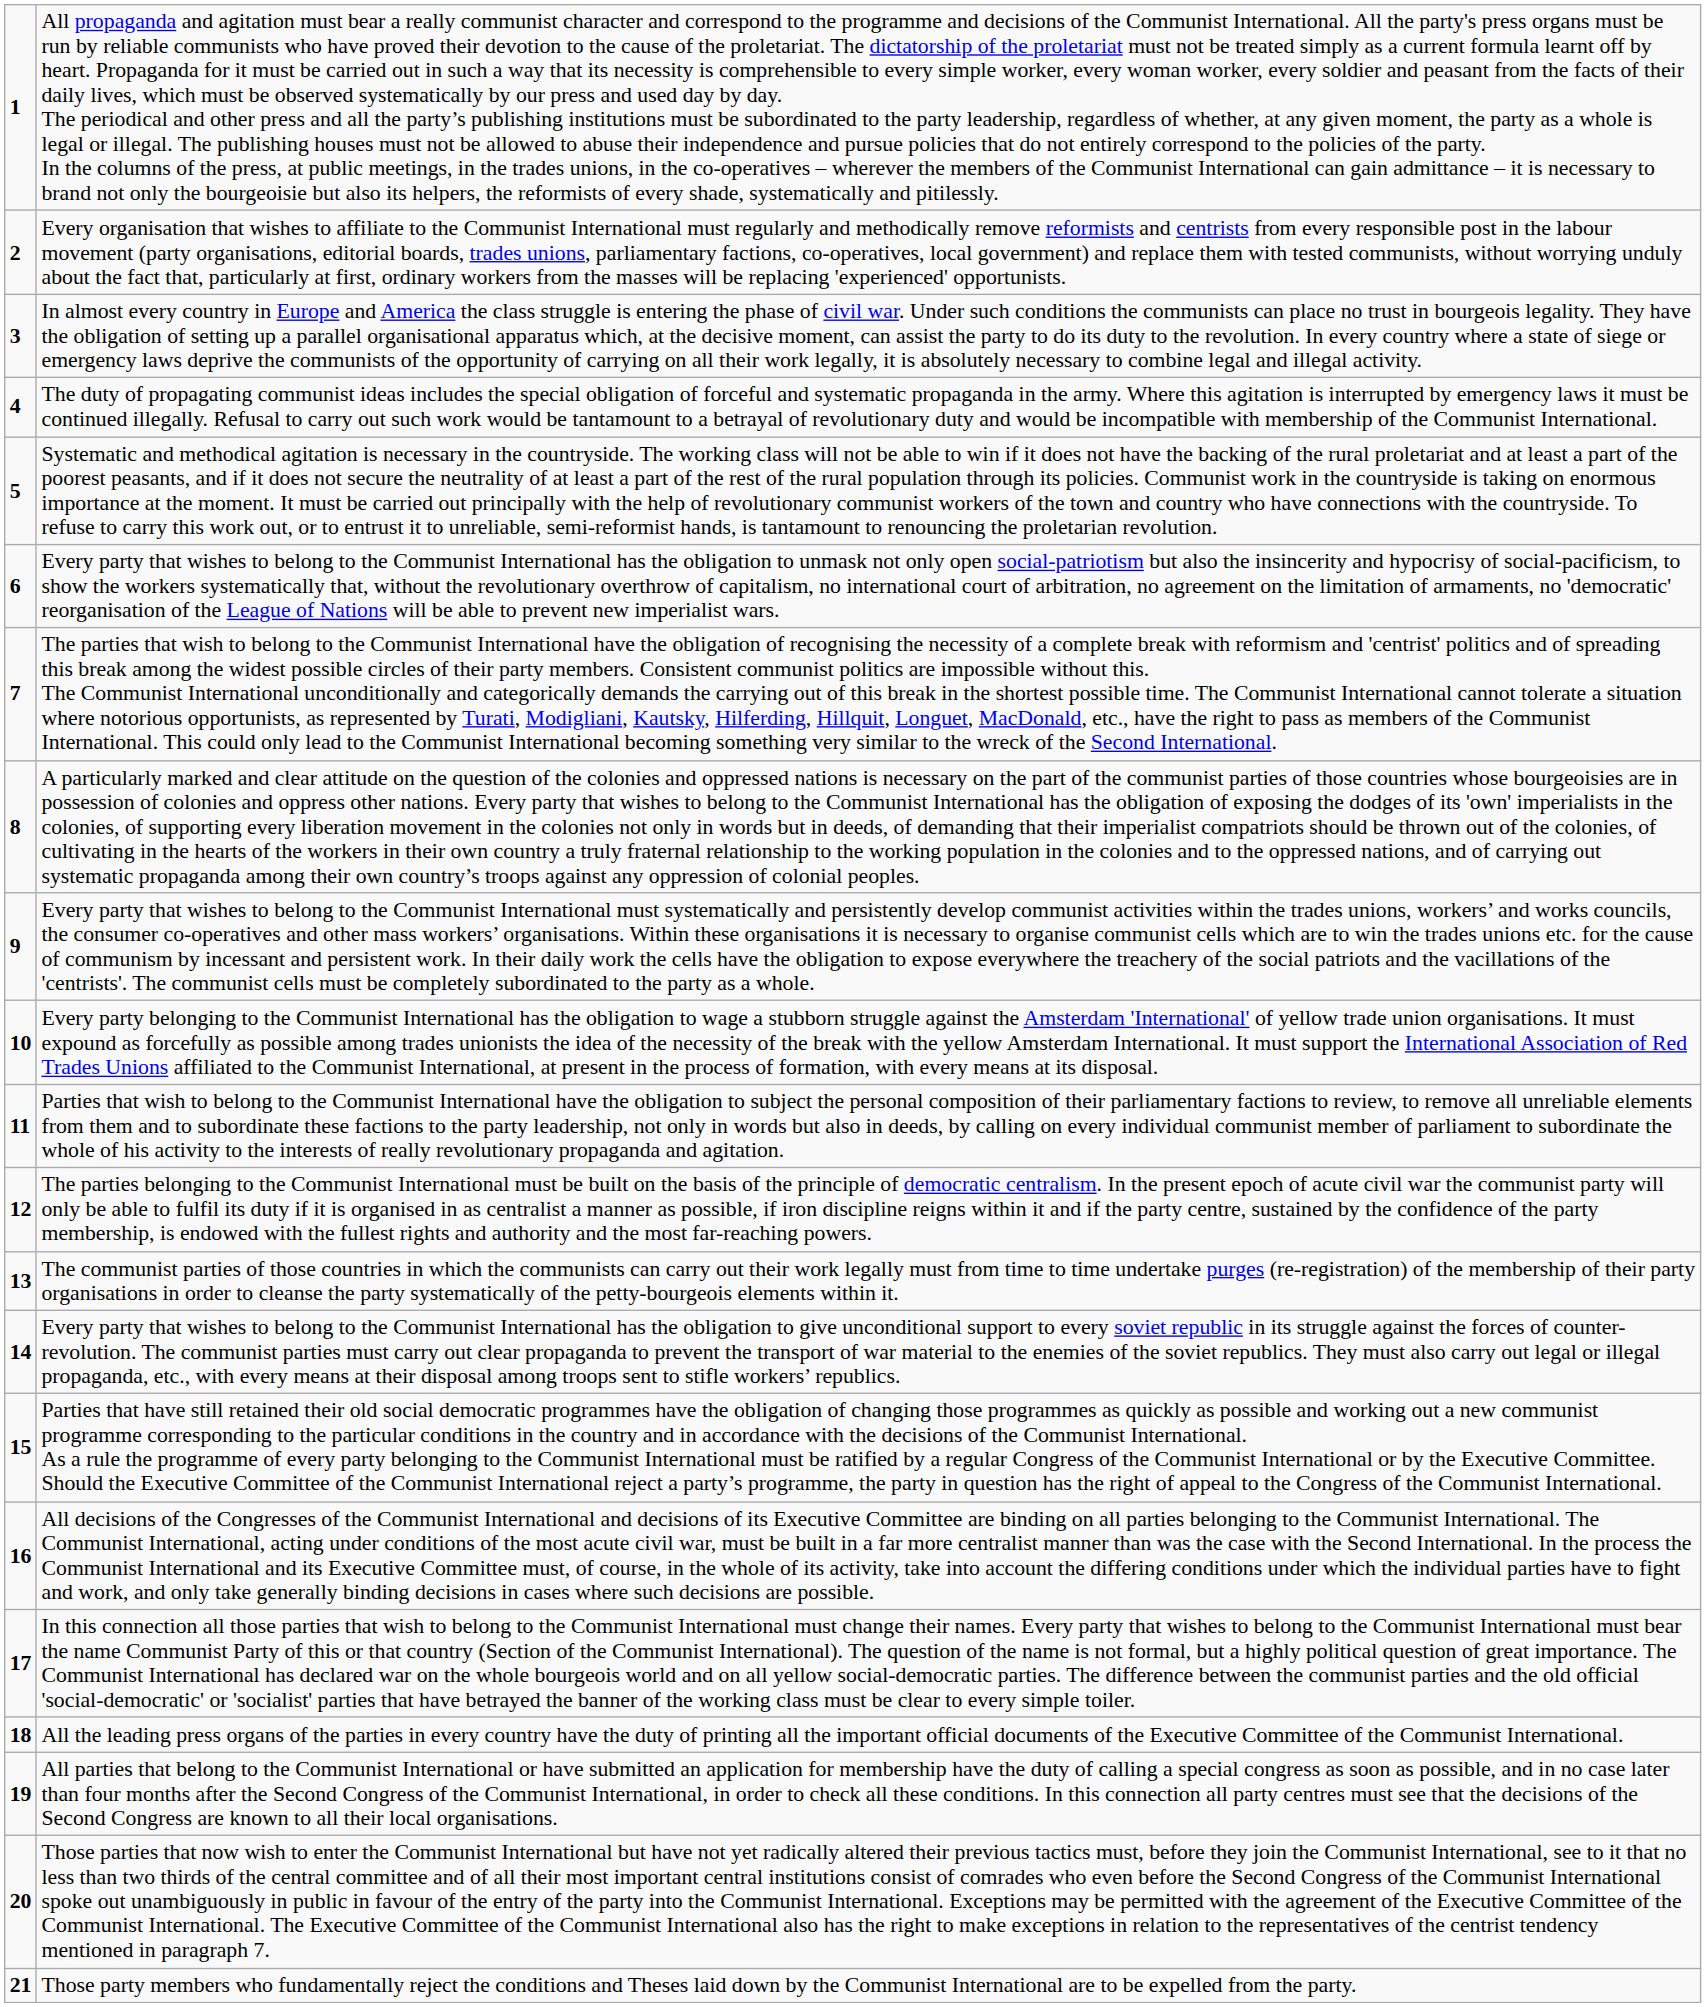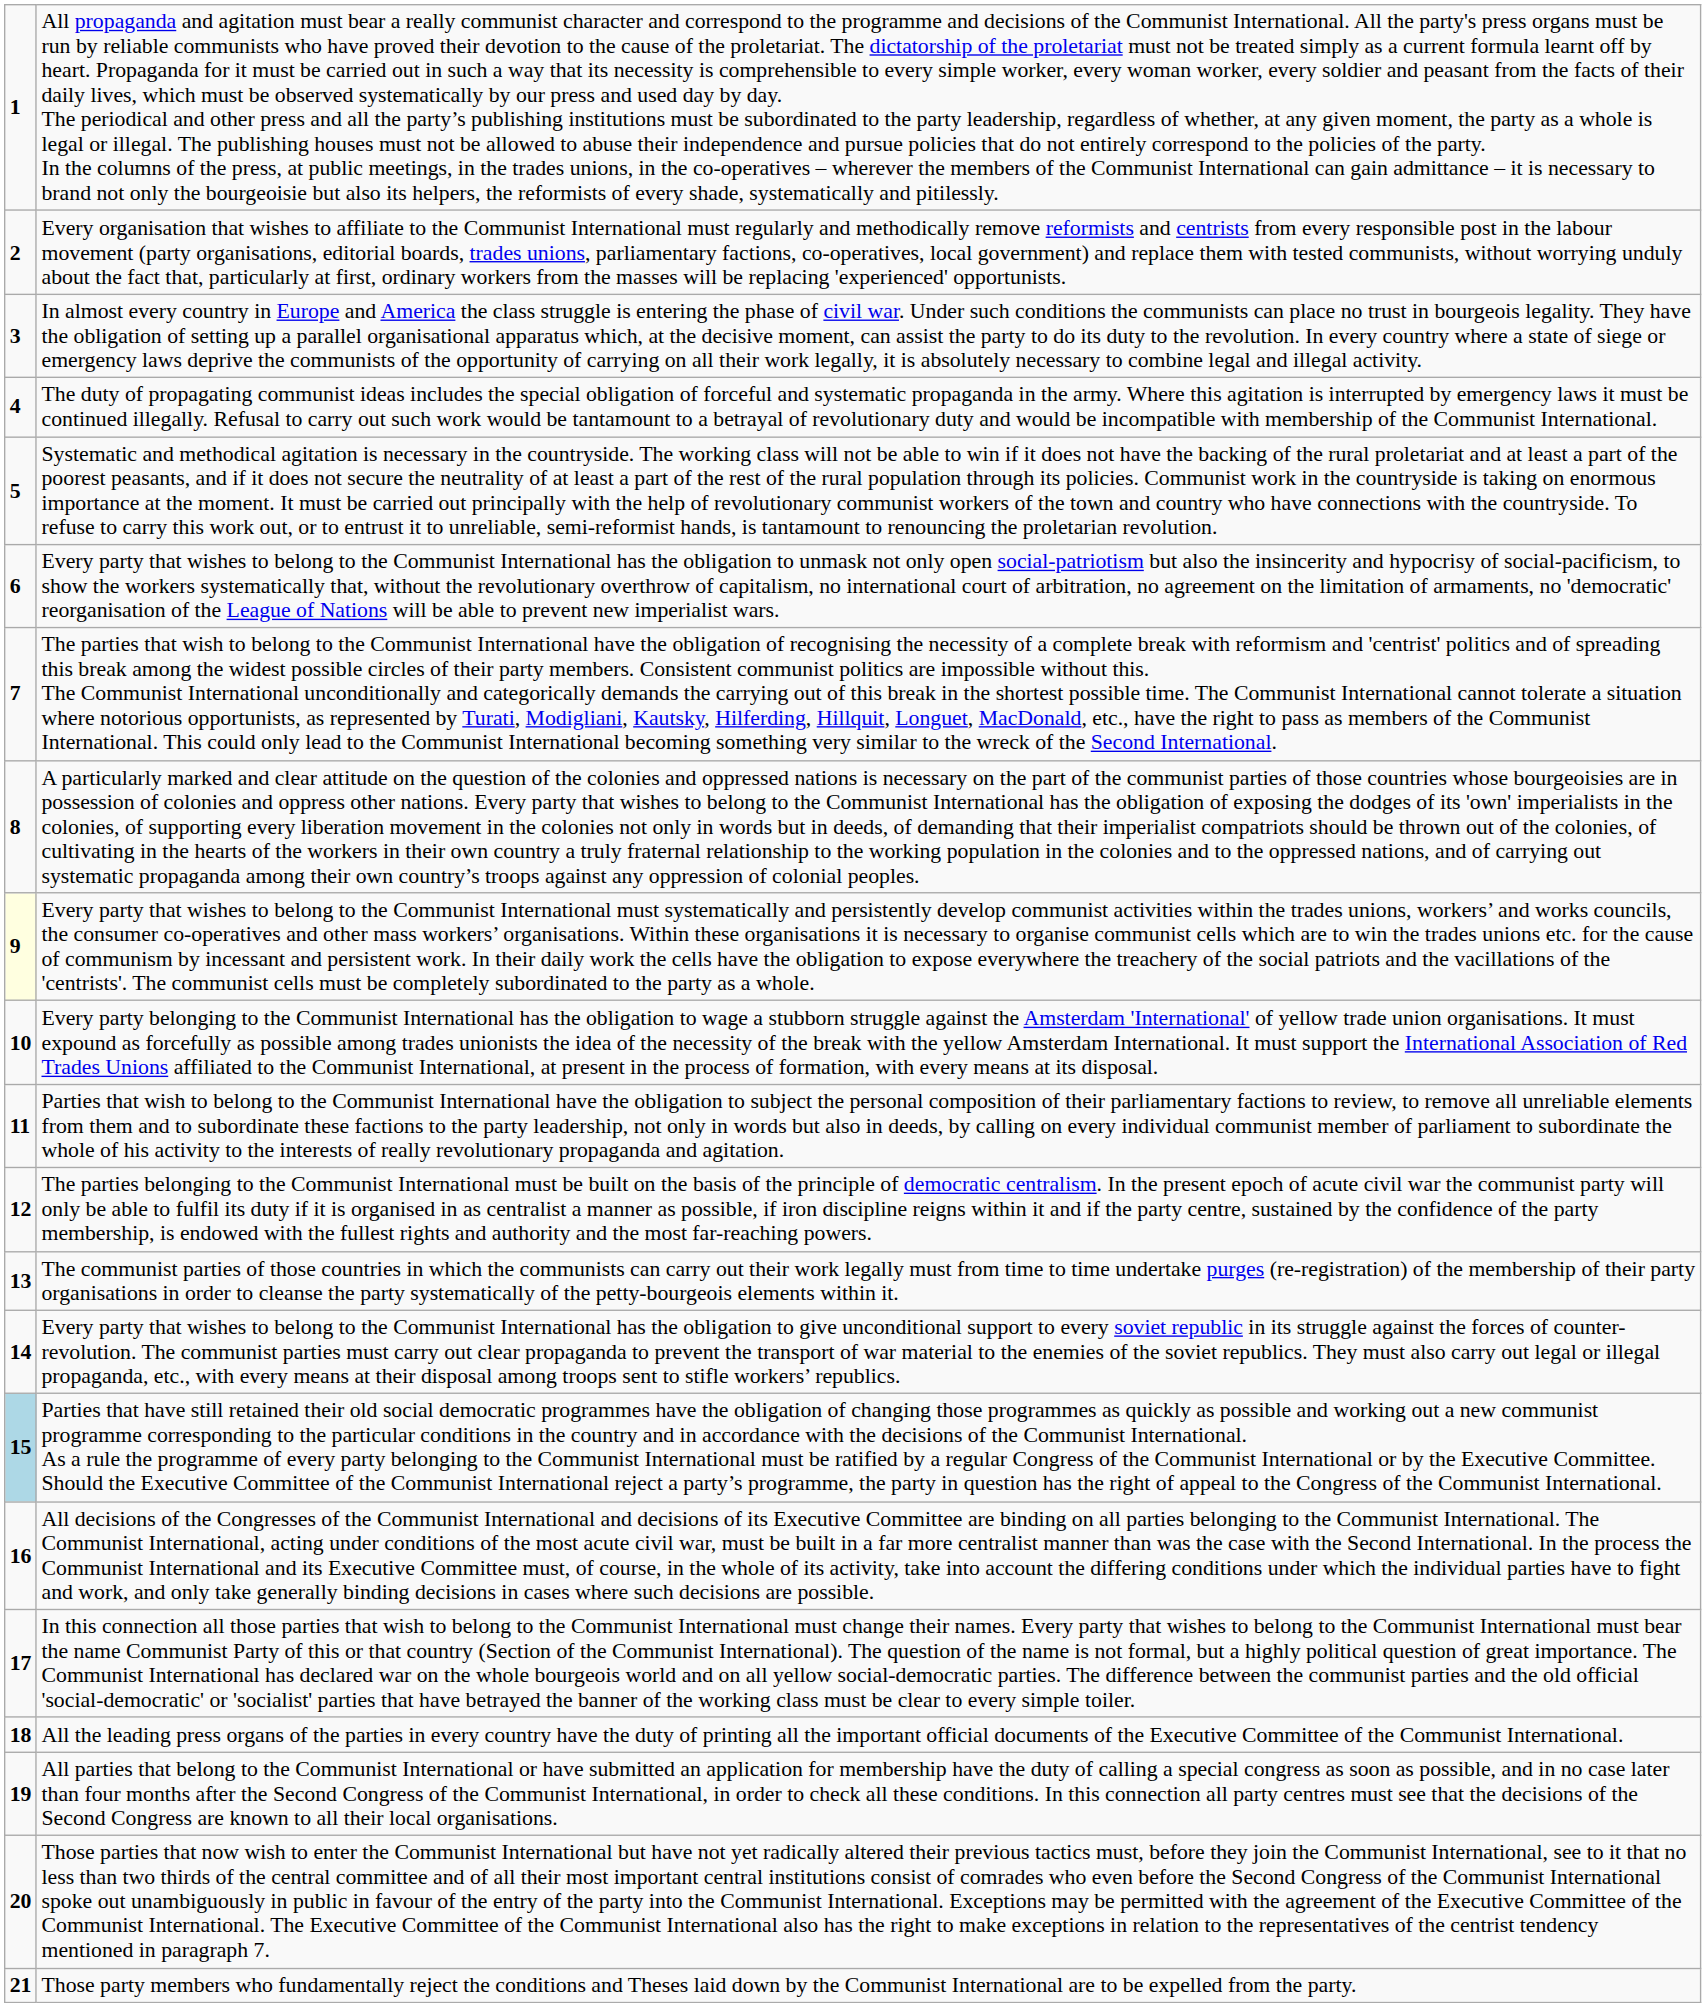 <table class="wikitable">
 <tr>
 <td><strong> 1</strong></td>
 <td>All <a href='#'>propaganda</a> and agitation must bear a really communist character and correspond to the programme and decisions of the Communist International. All the party's press organs must be run by reliable communists who have proved their devotion to the cause of the proletariat. The <a href='#'>dictatorship of the proletariat</a> must not be treated simply as a current formula learnt off by heart. Propaganda for it must be carried out in such a way that its necessity is comprehensible to every simple worker, every woman worker, every soldier and peasant from the facts of their daily lives, which must be observed systematically by our press and used day by day.<br>The periodical and other press and all the party’s publishing institutions must be subordinated to the party leadership, regardless of whether, at any given moment, the party as a whole is legal or illegal. The publishing houses must not be allowed to abuse their independence and pursue policies that do not entirely correspond to the policies of the party.<br>In the columns of the press, at public meetings, in the trades unions, in the co-operatives – wherever the members of the Communist International can gain admittance – it is necessary to brand not only the bourgeoisie but also its helpers, the reformists of every shade, systematically and pitilessly.</td>
 </tr>
 <tr>
 <td><strong> 2</strong></td>
 <td>Every organisation that wishes to affiliate to the Communist International must regularly and methodically remove <a href='#'>reformists</a> and <a href='#'>centrists</a> from every responsible post in the labour movement (party organisations, editorial boards, <a href='#'>trades unions</a>, parliamentary factions, co-operatives, local government) and replace them with tested communists, without worrying unduly about the fact that, particularly at first, ordinary workers from the masses will be replacing 'experienced' opportunists.</td>
 </tr>
 <tr>
 <td><strong> 3</strong></td>
 <td>In almost every country in <a href='#'>Europe</a> and <a href='#'>America</a> the class struggle is entering the phase of <a href='#'>civil war</a>. Under such conditions the communists can place no trust in bourgeois legality. They have the obligation of setting up a parallel organisational apparatus which, at the decisive moment, can assist the party to do its duty to the revolution. In every country where a state of siege or emergency laws deprive the communists of the opportunity of carrying on all their work legally, it is absolutely necessary to combine legal and illegal activity.</td>
 </tr>
 <tr>
 <td><strong> 4</strong></td>
 <td>The duty of propagating communist ideas includes the special obligation of forceful and systematic propaganda in the army. Where this agitation is interrupted by emergency laws it must be continued illegally. Refusal to carry out such work would be tantamount to a betrayal of revolutionary duty and would be incompatible with membership of the Communist International.</td>
 </tr>
 <tr>
 <td><strong> 5</strong></td>
 <td>Systematic and methodical agitation is necessary in the countryside. The working class will not be able to win if it does not have the backing of the rural proletariat and at least a part of the poorest peasants, and if it does not secure the neutrality of at least a part of the rest of the rural population through its policies. Communist work in the countryside is taking on enormous importance at the moment. It must be carried out principally with the help of revolutionary communist workers of the town and country who have connections with the countryside. To refuse to carry this work out, or to entrust it to unreliable, semi-reformist hands, is tantamount to renouncing the proletarian revolution.</td>
 </tr>
 <tr>
 <td><strong> 6</strong></td>
 <td>Every party that wishes to belong to the Communist International has the obligation to unmask not only open <a href='#'>social-patriotism</a> but also the insincerity and hypocrisy of social-pacificism, to show the workers systematically that, without the revolutionary overthrow of capitalism, no international court of arbitration, no agreement on the limitation of armaments, no 'democratic' reorganisation of the <a href='#'>League of Nations</a> will be able to prevent new imperialist wars.</td>
 </tr>
 <tr>
 <td><strong> 7</strong></td>
 <td>The parties that wish to belong to the Communist International have the obligation of recognising the necessity of a complete break with reformism and 'centrist' politics and of spreading this break among the widest possible circles of their party members. Consistent communist politics are impossible without this.<br>The Communist International unconditionally and categorically demands the carrying out of this break in the shortest possible time. The Communist International cannot tolerate a situation where notorious opportunists, as represented by <a href='#'>Turati</a>, <a href='#'>Modigliani</a>, <a href='#'>Kautsky</a>, <a href='#'>Hilferding</a>, <a href='#'>Hillquit</a>, <a href='#'>Longuet</a>, <a href='#'>MacDonald</a>, etc., have the right to pass as members of the Communist International. This could only lead to the Communist International becoming something very similar to the wreck of the <a href='#'>Second International</a>.</td>
 </tr>
 <tr>
 <td><strong> 8</strong></td>
 <td>A particularly marked and clear attitude on the question of the colonies and oppressed nations is necessary on the part of the communist parties of those countries whose bourgeoisies are in possession of colonies and oppress other nations. Every party that wishes to belong to the Communist International has the obligation of exposing the dodges of its 'own' imperialists in the colonies, of supporting every liberation movement in the colonies not only in words but in deeds, of demanding that their imperialist compatriots should be thrown out of the colonies, of cultivating in the hearts of the workers in their own country a truly fraternal relationship to the working population in the colonies and to the oppressed nations, and of carrying out systematic propaganda among their own country’s troops against any oppression of colonial peoples.</td>
 </tr>
 <tr>
-<td><strong> 9</strong></td>
+<td style="background: lightyellow;"><strong> 9</strong></td>
 <td>Every party that wishes to belong to the Communist International must systematically and persistently develop communist activities within the trades unions, workers’ and works councils, the consumer co-operatives and other mass workers’ organisations. Within these organisations it is necessary to organise communist cells which are to win the trades unions etc. for the cause of communism by incessant and persistent work. In their daily work the cells have the obligation to expose everywhere the treachery of the social patriots and the vacillations of the 'centrists'. The communist cells must be completely subordinated to the party as a whole.</td>
 </tr>
 <tr>
 <td><strong>10</strong></td>
 <td>Every party belonging to the Communist International has the obligation to wage a stubborn struggle against the <a href='#'>Amsterdam 'International'</a> of yellow trade union organisations. It must expound as forcefully as possible among trades unionists the idea of the necessity of the break with the yellow Amsterdam International. It must support the <a href='#'>International Association of Red Trades Unions</a> affiliated to the Communist International, at present in the process of formation, with every means at its disposal.</td>
 </tr>
 <tr>
 <td><strong>11</strong></td>
 <td>Parties that wish to belong to the Communist International have the obligation to subject the personal composition of their parliamentary factions to review, to remove all unreliable elements from them and to subordinate these factions to the party leadership, not only in words but also in deeds, by calling on every individual communist member of parliament to subordinate the whole of his activity to the interests of really revolutionary propaganda and agitation.</td>
 </tr>
 <tr>
 <td><strong>12</strong></td>
 <td>The parties belonging to the Communist International must be built on the basis of the principle of <a href='#'>democratic centralism</a>. In the present epoch of acute civil war the communist party will only be able to fulfil its duty if it is organised in as centralist a manner as possible, if iron discipline reigns within it and if the party centre, sustained by the confidence of the party membership, is endowed with the fullest rights and authority and the most far-reaching powers.</td>
 </tr>
 <tr>
 <td><strong>13</strong></td>
 <td>The communist parties of those countries in which the communists can carry out their work legally must from time to time undertake <a href='#'>purges</a> (re-registration) of the membership of their party organisations in order to cleanse the party systematically of the petty-bourgeois elements within it.</td>
 </tr>
 <tr>
 <td><strong>14</strong></td>
 <td>Every party that wishes to belong to the Communist International has the obligation to give unconditional support to every <a href='#'>soviet republic</a> in its struggle against the forces of counter-revolution. The communist parties must carry out clear propaganda to prevent the transport of war material to the enemies of the soviet republics. They must also carry out legal or illegal propaganda, etc., with every means at their disposal among troops sent to stifle workers’ republics.</td>
 </tr>
 <tr>
-<td><strong>15</strong></td>
+<td style="background: lightblue;"><strong>15</strong></td>
 <td>Parties that have still retained their old social democratic programmes have the obligation of changing those programmes as quickly as possible and working out a new communist programme corresponding to the particular conditions in the country and in accordance with the decisions of the Communist International.<br>As a rule the programme of every party belonging to the Communist International must be ratified by a regular Congress of the Communist International or by the Executive Committee. Should the Executive Committee of the Communist International reject a party’s programme, the party in question has the right of appeal to the Congress of the Communist International.</td>
 </tr>
 <tr>
 <td><strong>16</strong></td>
 <td>All decisions of the Congresses of the Communist International and decisions of its Executive Committee are binding on all parties belonging to the Communist International. The Communist International, acting under conditions of the most acute civil war, must be built in a far more centralist manner than was the case with the Second International. In the process the Communist International and its Executive Committee must, of course, in the whole of its activity, take into account the differing conditions under which the individual parties have to fight and work, and only take generally binding decisions in cases where such decisions are possible.</td>
 </tr>
 <tr>
 <td><strong>17</strong></td>
 <td>In this connection all those parties that wish to belong to the Communist International must change their names. Every party that wishes to belong to the Communist International must bear the name Communist Party of this or that country (Section of the Communist International). The question of the name is not formal, but a highly political question of great importance. The Communist International has declared war on the whole bourgeois world and on all yellow social-democratic parties. The difference between the communist parties and the old official 'social-democratic' or 'socialist' parties that have betrayed the banner of the working class must be clear to every simple toiler.</td>
 </tr>
 <tr>
 <td><strong>18</strong></td>
 <td>All the leading press organs of the parties in every country have the duty of printing all the important official documents of the Executive Committee of the Communist International.</td>
 </tr>
 <tr>
 <td><strong>19</strong></td>
 <td>All parties that belong to the Communist International or have submitted an application for membership have the duty of calling a special congress as soon as possible, and in no case later than four months after the Second Congress of the Communist International, in order to check all these conditions. In this connection all party centres must see that the decisions of the Second Congress are known to all their local organisations.</td>
 </tr>
 <tr>
 <td><strong>20</strong></td>
 <td>Those parties that now wish to enter the Communist International but have not yet radically altered their previous tactics must, before they join the Communist International, see to it that no less than two thirds of the central committee and of all their most important central institutions consist of comrades who even before the Second Congress of the Communist International spoke out unambiguously in public in favour of the entry of the party into the Communist International. Exceptions may be permitted with the agreement of the Executive Committee of the Communist International. The Executive Committee of the Communist International also has the right to make exceptions in relation to the representatives of the centrist tendency mentioned in paragraph 7.</td>
 </tr>
 <tr>
 <td><strong>21</strong></td>
 <td>Those party members who fundamentally reject the conditions and Theses laid down by the Communist International are to be expelled from the party.</td>
 </tr>
 </table>
